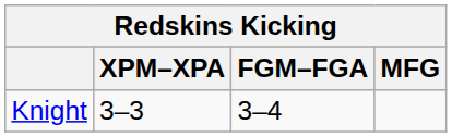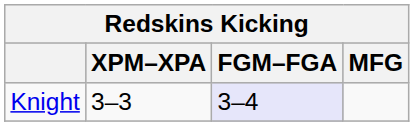 <table class="wikitable">
 <tr>
 <th colspan="4">Redskins Kicking</th>
 </tr>
 <tr>
 <th></th>
 <th>XPM–XPA</th>
 <th>FGM–FGA</th>
 <th>MFG</th>
 </tr>
 <tr>
 <td><a href='#'>Knight</a></td>
 <td>3–3</td>
-<td>3–4</td>
+<td style="background: lavender;">3–4</td>
 <td></td>
 </tr>
 </table>
